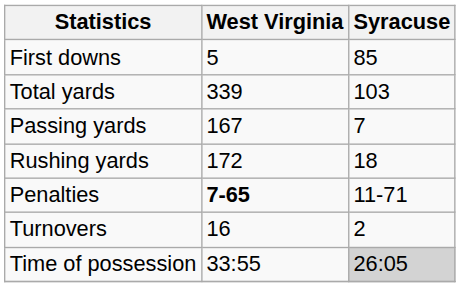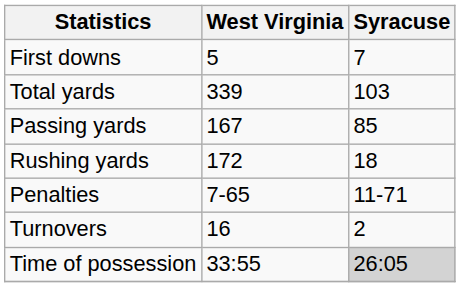 <table class="wikitable" style="float: left;">
 <tr>
 <th>Statistics</th>
 <th>West Virginia</th>
 <th>Syracuse</th>
 </tr>
 <tr>
 <td>First downs</td>
 <td>5</td>
-<td>85</td>
+<td>7</td>
 </tr>
 <tr>
 <td>Total yards</td>
 <td>339</td>
 <td>103</td>
 </tr>
 <tr>
 <td>Passing yards</td>
 <td>167</td>
-<td>7</td>
+<td>85</td>
 </tr>
 <tr>
 <td>Rushing yards</td>
 <td>172</td>
 <td>18</td>
 </tr>
 <tr>
 <td>Penalties</td>
-<td><strong>7-65</strong></td>
+<td>7-65</td>
 <td>11-71</td>
 </tr>
 <tr>
 <td>Turnovers</td>
 <td>16</td>
 <td>2</td>
 </tr>
 <tr>
 <td>Time of possession</td>
 <td>33:55</td>
 <td style="background: lightgrey;">26:05</td>
 </tr>
 <tr>
 </tr>
 </table>
